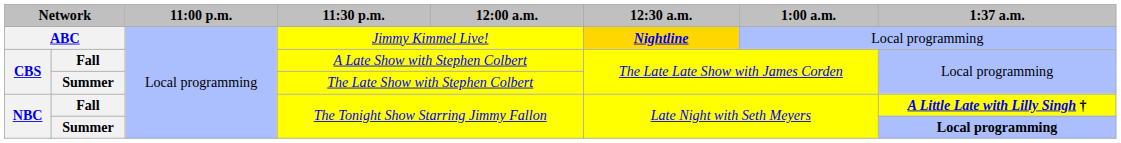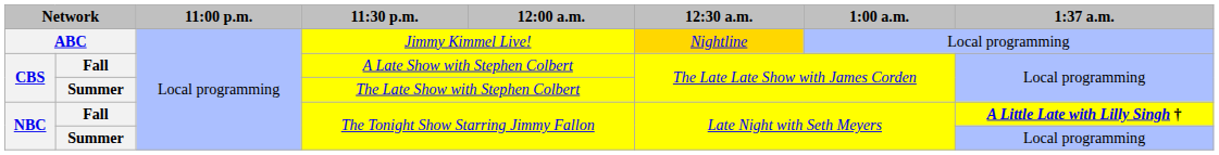 <table class="wikitable" style="width:100%;margin-right:0;text-align:center">
 <tr>
 <th colspan="2" style="background-color:#C0C0C0;text-align:center">Network</th>
 <th style="background-color:#C0C0C0;text-align:center">11:00 p.m.</th>
 <th style="background-color:#C0C0C0;text-align:center">11:30 p.m.</th>
 <th style="background-color:#C0C0C0;text-align:center">12:00 a.m.</th>
 <th style="background-color:#C0C0C0;text-align:center">12:30 a.m.</th>
 <th style="background-color:#C0C0C0;text-align:center">1:00 a.m.</th>
 <th style="background-color:#C0C0C0;text-align:center">1:37 a.m.</th>
 </tr>
 <tr>
 <th colspan="2"><a href='#'>ABC</a></th>
 <td rowspan="5" style="background:#abbfff">Local programming</td>
 <td colspan="2" style="background:yellow"><em><a href='#'>Jimmy Kimmel Live!</a></em> </td>
-<td style="background:gold"><strong><em><a href='#'>Nightline</a></em> </strong></td>
+<td style="background:gold"><em><a href='#'>Nightline</a></em> </td>
 <td colspan="2" style="background:#abbfff">Local programming </td>
 </tr>
 <tr>
 <th rowspan="2"><a href='#'>CBS</a></th>
 <th>Fall</th>
 <td colspan="2" style="background:yellow"><em><a href='#'>A Late Show with Stephen Colbert</a></em> </td>
 <td colspan="2" rowspan="2" style="background:yellow"><em><a href='#'>The Late Late Show with James Corden</a></em> </td>
 <td style="background:#abbfff"rowspan="2">Local programming </td>
 </tr>
 <tr>
 <th>Summer</th>
 <td colspan="2" style="background:yellow"><em><a href='#'>The Late Show with Stephen Colbert</a></em> </td>
 </tr>
 <tr>
 <th rowspan="2"><a href='#'>NBC</a></th>
 <th>Fall</th>
 <td colspan="2" rowspan="2" style="background:yellow"><em><a href='#'>The Tonight Show Starring Jimmy Fallon</a></em> </td>
 <td colspan="2" rowspan="2" style="background:yellow"><em><a href='#'>Late Night with Seth Meyers</a></em> </td>
 <td style="background:yellow"><strong><em><a href='#'>A Little Late with Lilly Singh</a></em> †</strong></td>
 </tr>
 <tr>
 <th>Summer</th>
-<td style="background:#abbfff"><strong>Local programming </strong></td>
+<td style="background:#abbfff">Local programming </td>
 </tr>
 </table>
